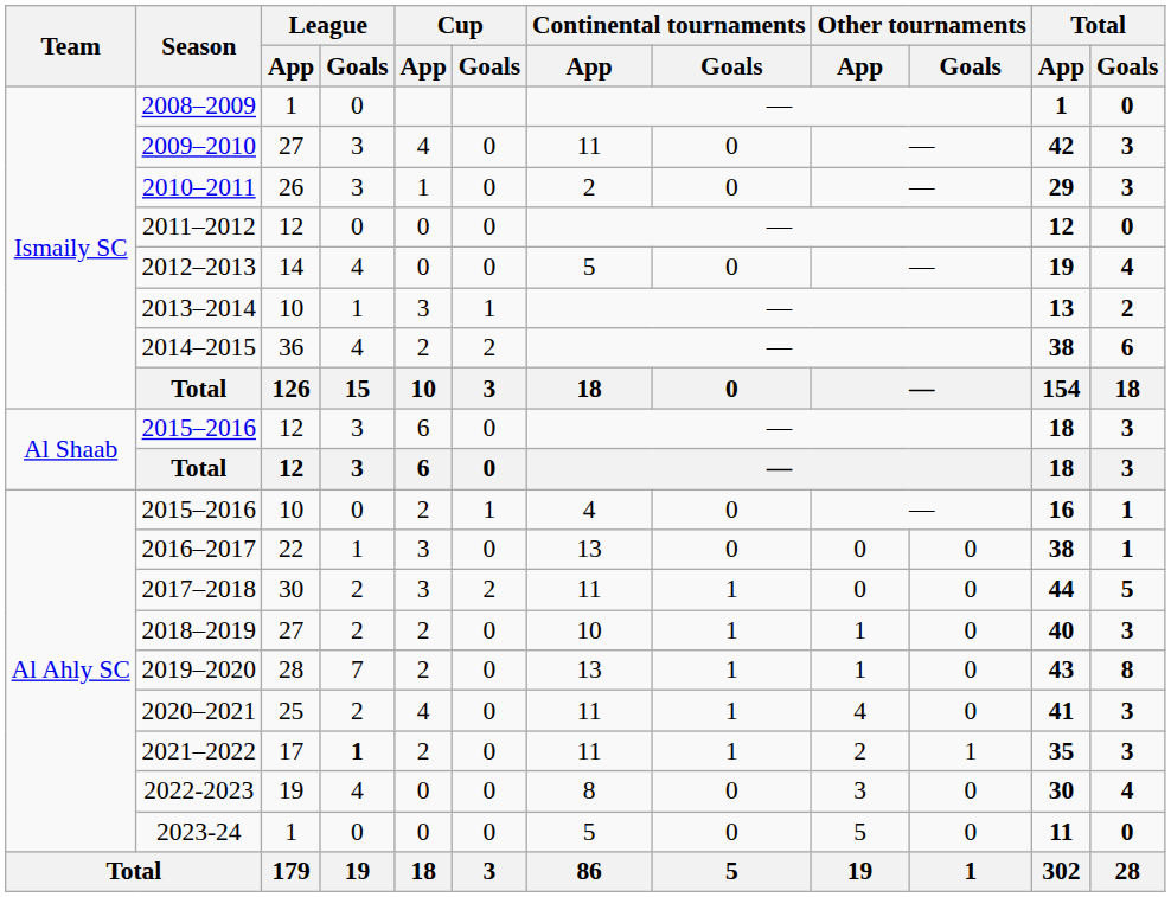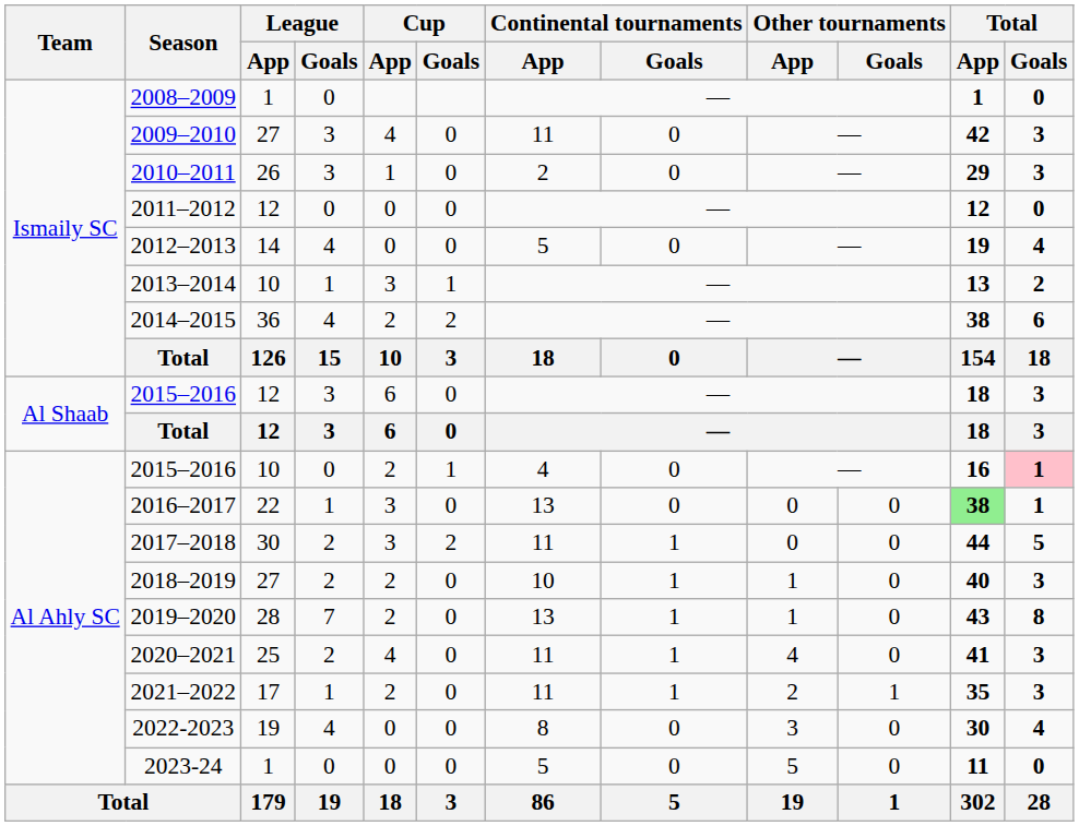 <table class="wikitable" style="text-align: center;">
 <tr>
 <th rowspan="2">Team</th>
 <th rowspan="2">Season</th>
 <th colspan="2">League</th>
 <th colspan="2">Cup</th>
 <th colspan="2">Continental tournaments</th>
 <th colspan="2">Other tournaments</th>
 <th colspan="2">Total</th>
 </tr>
 <tr>
 <th>App</th>
 <th>Goals</th>
 <th>App</th>
 <th>Goals</th>
 <th>App</th>
 <th>Goals</th>
 <th>App</th>
 <th>Goals</th>
 <th>App</th>
 <th>Goals</th>
 </tr>
 <tr>
 <td rowspan=8><a href='#'>Ismaily SC</a></td>
 <td><a href='#'>2008–2009</a></td>
 <td>1</td>
 <td>0</td>
 <td></td>
 <td></td>
 <td colspan="4">—</td>
 <td><strong>1</strong></td>
 <td><strong>0</strong></td>
 </tr>
 <tr>
 <td><a href='#'>2009–2010</a></td>
 <td>27</td>
 <td>3</td>
 <td>4</td>
 <td>0</td>
 <td>11</td>
 <td>0</td>
 <td colspan="2">—</td>
 <td><strong>42</strong></td>
 <td><strong>3</strong></td>
 </tr>
 <tr>
 <td><a href='#'>2010–2011</a></td>
 <td>26</td>
 <td>3</td>
 <td>1</td>
 <td>0</td>
 <td>2</td>
 <td>0</td>
 <td colspan="2">—</td>
 <td><strong>29</strong></td>
 <td><strong>3</strong></td>
 </tr>
 <tr>
 <td Egyptian Premier League 2011–12>2011–2012</td>
 <td>12</td>
 <td>0</td>
 <td>0</td>
 <td>0</td>
 <td colspan="4">—</td>
 <td><strong>12</strong></td>
 <td><strong>0</strong></td>
 </tr>
 <tr>
 <td Egyptian Premier League 2012–13>2012–2013</td>
 <td>14</td>
 <td>4</td>
 <td>0</td>
 <td>0</td>
 <td>5</td>
 <td>0</td>
 <td colspan="2">—</td>
 <td><strong>19</strong></td>
 <td><strong>4</strong></td>
 </tr>
 <tr>
 <td Egyptian Premier League 2013–14>2013–2014</td>
 <td>10</td>
 <td>1</td>
 <td>3</td>
 <td>1</td>
 <td colspan="4">—</td>
 <td><strong>13</strong></td>
 <td><strong>2</strong></td>
 </tr>
 <tr>
 <td Egyptian Premier League 2014–15>2014–2015</td>
 <td>36</td>
 <td>4</td>
 <td>2</td>
 <td>2</td>
 <td colspan="4">—</td>
 <td><strong>38</strong></td>
 <td><strong>6</strong></td>
 </tr>
 <tr>
 <th>Total</th>
 <th>126</th>
 <th>15</th>
 <th>10</th>
 <th>3</th>
 <th>18</th>
 <th>0</th>
 <th colspan="2">—</th>
 <th>154</th>
 <th>18</th>
 </tr>
 <tr>
 <td rowspan=2><a href='#'>Al Shaab</a></td>
 <td><a href='#'>2015–2016</a></td>
 <td>12</td>
 <td>3</td>
 <td>6</td>
 <td>0</td>
 <td colspan="4">—</td>
 <td><strong>18</strong></td>
 <td><strong>3</strong></td>
 </tr>
 <tr>
 <th>Total</th>
 <th>12</th>
 <th>3</th>
 <th>6</th>
 <th>0</th>
 <th colspan="4">—</th>
 <th>18</th>
 <th>3</th>
 </tr>
 <tr>
 <td rowspan=9><a href='#'>Al Ahly SC</a></td>
 <td Egyptian Premier League 2015–16>2015–2016</td>
 <td>10</td>
 <td>0</td>
 <td>2</td>
 <td>1</td>
 <td>4</td>
 <td>0</td>
 <td colspan="2">—</td>
 <td><strong>16</strong></td>
-<td><strong>1</strong></td>
+<td style="background: pink;"><strong>1</strong></td>
 </tr>
 <tr>
 <td Egyptian Premier League 2016–17>2016–2017</td>
 <td>22</td>
 <td>1</td>
 <td>3</td>
 <td>0</td>
 <td>13</td>
 <td>0</td>
 <td>0</td>
 <td>0</td>
-<td><strong>38</strong></td>
+<td style="background: lightgreen;"><strong>38</strong></td>
 <td><strong>1</strong></td>
 </tr>
 <tr>
 <td Egyptian Premier League 2017–18>2017–2018</td>
 <td>30</td>
 <td>2</td>
 <td>3</td>
 <td>2</td>
 <td>11</td>
 <td>1</td>
 <td>0</td>
 <td>0</td>
 <td><strong>44</strong></td>
 <td><strong>5</strong></td>
 </tr>
 <tr>
 <td Egyptian Premier League 2018–19>2018–2019</td>
 <td>27</td>
 <td>2</td>
 <td>2</td>
 <td>0</td>
 <td>10</td>
 <td>1</td>
 <td>1</td>
 <td>0</td>
 <td><strong>40</strong></td>
 <td><strong>3</strong></td>
 </tr>
 <tr>
 <td Egyptian Premier League 2019–20>2019–2020</td>
 <td>28</td>
 <td>7</td>
 <td>2</td>
 <td>0</td>
 <td>13</td>
 <td>1</td>
 <td>1</td>
 <td>0</td>
 <td><strong>43</strong></td>
 <td><strong>8</strong></td>
 </tr>
 <tr>
 <td Egyptian Premier League 2020–21>2020–2021</td>
 <td>25</td>
 <td>2</td>
 <td>4</td>
 <td>0</td>
 <td>11</td>
 <td>1</td>
 <td>4</td>
 <td>0</td>
 <td><strong>41</strong></td>
 <td><strong>3</strong></td>
 </tr>
 <tr>
 <td Egyptian Premier League 2021–22>2021–2022</td>
 <td>17</td>
-<td><strong>1</strong></td>
+<td>1</td>
 <td>2</td>
 <td>0</td>
 <td>11</td>
 <td>1</td>
 <td>2</td>
 <td>1</td>
 <td><strong>35</strong></td>
 <td><strong>3</strong></td>
 </tr>
 <tr>
 <td Egyptian Premier League 2022-23>2022-2023</td>
 <td>19</td>
 <td>4</td>
 <td>0</td>
 <td>0</td>
 <td>8</td>
 <td>0</td>
 <td>3</td>
 <td>0</td>
 <td><strong>30</strong></td>
 <td><strong>4</strong></td>
 </tr>
 <tr>
 <td Egyptian Premier League 2023-24>2023-24</td>
 <td>1</td>
 <td>0</td>
 <td>0</td>
 <td>0</td>
 <td>5</td>
 <td>0</td>
 <td>5</td>
 <td>0</td>
 <td><strong>11</strong></td>
 <td><strong>0</strong></td>
 </tr>
 <tr>
 <th colspan="2">Total</th>
 <th>179</th>
 <th>19</th>
 <th>18</th>
 <th>3</th>
 <th>86</th>
 <th>5</th>
 <th>19</th>
 <th>1</th>
 <th>302</th>
 <th>28</th>
 </tr>
 </table>
